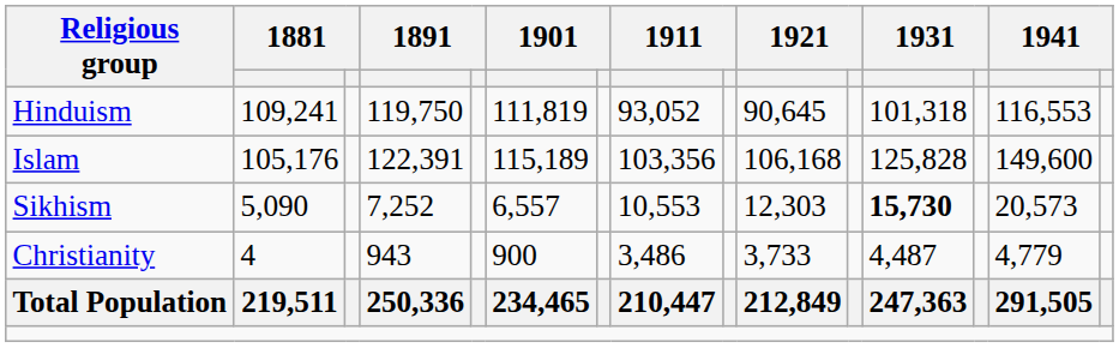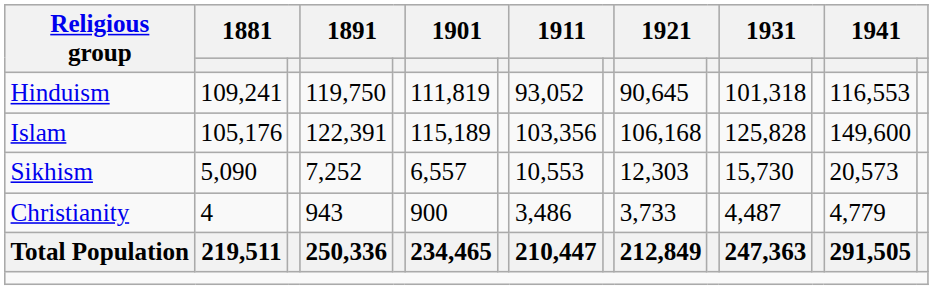 <table class="wikitable sortable">
 <tr>
 <th rowspan="2"><a href='#'>Religious</a><br>group</th>
 <th colspan="2">1881</th>
 <th colspan="2">1891</th>
 <th colspan="2">1901</th>
 <th colspan="2">1911</th>
 <th colspan="2">1921</th>
 <th colspan="2">1931</th>
 <th colspan="2">1941</th>
 </tr>
 <tr>
 <th><a href='#'></a></th>
 <th></th>
 <th></th>
 <th></th>
 <th></th>
 <th></th>
 <th></th>
 <th></th>
 <th></th>
 <th></th>
 <th></th>
 <th></th>
 <th></th>
 <th></th>
 </tr>
 <tr>
 <td><a href='#'>Hinduism</a> </td>
 <td>109,241</td>
 <td></td>
 <td>119,750</td>
 <td></td>
 <td>111,819</td>
 <td></td>
 <td>93,052</td>
 <td></td>
 <td>90,645</td>
 <td></td>
 <td>101,318</td>
 <td></td>
 <td>116,553</td>
 <td></td>
 </tr>
 <tr>
 <td><a href='#'>Islam</a> </td>
 <td>105,176</td>
 <td></td>
 <td>122,391</td>
 <td></td>
 <td>115,189</td>
 <td></td>
 <td>103,356</td>
 <td></td>
 <td>106,168</td>
 <td></td>
 <td>125,828</td>
 <td></td>
 <td>149,600</td>
 <td></td>
 </tr>
 <tr>
 <td><a href='#'>Sikhism</a> </td>
 <td>5,090</td>
 <td></td>
 <td>7,252</td>
 <td></td>
 <td>6,557</td>
 <td></td>
 <td>10,553</td>
 <td></td>
 <td>12,303</td>
 <td></td>
-<td><strong>15,730</strong></td>
+<td>15,730</td>
 <td></td>
 <td>20,573</td>
 <td></td>
 </tr>
 <tr>
 <td><a href='#'>Christianity</a> </td>
 <td>4</td>
 <td></td>
 <td>943</td>
 <td></td>
 <td>900</td>
 <td></td>
 <td>3,486</td>
 <td></td>
 <td>3,733</td>
 <td></td>
 <td>4,487</td>
 <td></td>
 <td>4,779</td>
 <td></td>
 </tr>
 <tr>
 <th>Total Population</th>
 <th>219,511</th>
 <th></th>
 <th>250,336</th>
 <th></th>
 <th>234,465</th>
 <th></th>
 <th>210,447</th>
 <th></th>
 <th>212,849</th>
 <th></th>
 <th>247,363</th>
 <th></th>
 <th>291,505</th>
 <th></th>
 </tr>
 <tr class="sortbottom">
 <td colspan="15"></td>
 </tr>
 </table>
